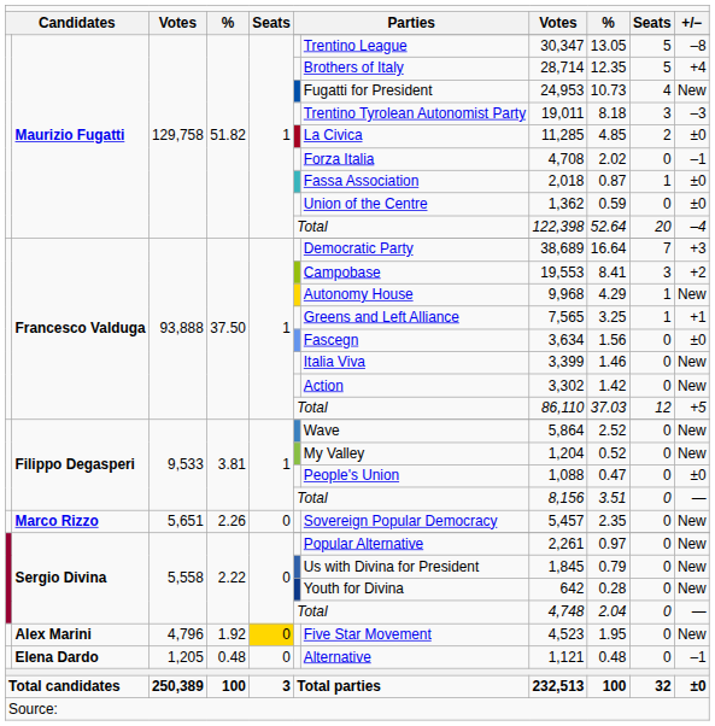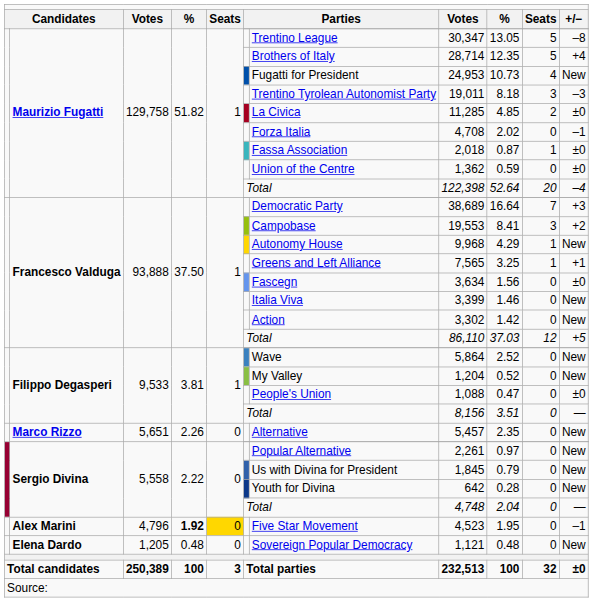 <table class="wikitable">
 <tr>
 <td colspan=11></td>
 </tr>
 <tr>
 <th colspan=2>Candidates</th>
 <th>Votes</th>
 <th>%</th>
 <th>Seats</th>
 <th colspan=2>Parties</th>
 <th>Votes</th>
 <th>%</th>
 <th>Seats</th>
 <th>+/−</th>
 </tr>
 <tr>
 <td rowspan=10></td>
 <td rowspan=10><strong><a href='#'>Maurizio Fugatti</a></strong></td>
 <td rowspan=10 align=right>129,758</td>
 <td rowspan=10 align=right>51.82</td>
 <td rowspan=10 align=right>1</td>
 </tr>
 <tr>
 <td></td>
 <td><a href='#'>Trentino League</a></td>
 <td align=right>30,347</td>
 <td align=right>13.05</td>
 <td align=right>5</td>
 <td align=right>–8</td>
 </tr>
 <tr>
 <td></td>
 <td><a href='#'>Brothers of Italy</a></td>
 <td align=right>28,714</td>
 <td align=right>12.35</td>
 <td align=right>5</td>
 <td align=right>+4</td>
 </tr>
 <tr>
 <td bgcolor="#0050AA"></td>
 <td>Fugatti for President</td>
 <td align=right>24,953</td>
 <td align=right>10.73</td>
 <td align=right>4</td>
 <td align=right>New</td>
 </tr>
 <tr>
 <td></td>
 <td><a href='#'>Trentino Tyrolean Autonomist Party</a></td>
 <td align=right>19,011</td>
 <td align=right>8.18</td>
 <td align=right>3</td>
 <td align=right>–3</td>
 </tr>
 <tr>
 <td bgcolor="#A50021"></td>
 <td style="text-align:left;"><a href='#'>La Civica</a></td>
 <td align=right>11,285</td>
 <td align=right>4.85</td>
 <td align=right>2</td>
 <td align=right>±0</td>
 </tr>
 <tr>
 <td></td>
 <td style="text-align:left;"><a href='#'>Forza Italia</a></td>
 <td align=right>4,708</td>
 <td align=right>2.02</td>
 <td align=right>0</td>
 <td align=right>–1</td>
 </tr>
 <tr>
 <td bgcolor="#39B5BD"></td>
 <td style="text-align:left;"><a href='#'>Fassa Association</a></td>
 <td align=right>2,018</td>
 <td align=right>0.87</td>
 <td align=right>1</td>
 <td align=right>±0</td>
 </tr>
 <tr>
 <td></td>
 <td style="text-align:left;"><a href='#'>Union of the Centre</a></td>
 <td align=right>1,362</td>
 <td align=right>0.59</td>
 <td align=right>0</td>
 <td align=right>±0</td>
 </tr>
 <tr>
 <td colspan=2><em>Total</em></td>
 <td align=right><em>122,398</em></td>
 <td align=right><em>52.64</em></td>
 <td align=right><em>20</em></td>
 <td align=right><em>–4</em></td>
 </tr>
 <tr>
 <td rowspan=9></td>
 <td rowspan=9><strong>Francesco Valduga</strong></td>
 <td rowspan=9 align=right>93,888</td>
 <td rowspan=9 align=right>37.50</td>
 <td rowspan=9 align=right>1</td>
 </tr>
 <tr>
 <td></td>
 <td><a href='#'>Democratic Party</a></td>
 <td align=right>38,689</td>
 <td align=right>16.64</td>
 <td align=right>7</td>
 <td align=right>+3</td>
 </tr>
 <tr>
 <td style="background-color:#96bf0d"></td>
 <td><a href='#'>Campobase</a></td>
 <td align=right>19,553</td>
 <td align=right>8.41</td>
 <td align=right>3</td>
 <td align=right>+2</td>
 </tr>
 <tr>
 <td style="background-color:gold"></td>
 <td><a href='#'>Autonomy House</a></td>
 <td align=right>9,968</td>
 <td align=right>4.29</td>
 <td align=right>1</td>
 <td align=right>New</td>
 </tr>
 <tr>
 <td style="background-color:"></td>
 <td><a href='#'>Greens and Left Alliance</a></td>
 <td align=right>7,565</td>
 <td align=right>3.25</td>
 <td align=right>1</td>
 <td align=right>+1</td>
 </tr>
 <tr>
 <td style="background-color:#6495ED"></td>
 <td><a href='#'>Fascegn</a></td>
 <td align=right>3,634</td>
 <td align=right>1.56</td>
 <td align=right>0</td>
 <td align=right>±0</td>
 </tr>
 <tr>
 <td style="background-color:"></td>
 <td><a href='#'>Italia Viva</a></td>
 <td align=right>3,399</td>
 <td align=right>1.46</td>
 <td align=right>0</td>
 <td align=right>New</td>
 </tr>
 <tr>
 <td style="background-color:"></td>
 <td><a href='#'>Action</a></td>
 <td align=right>3,302</td>
 <td align=right>1.42</td>
 <td align=right>0</td>
 <td align=right>New</td>
 </tr>
 <tr>
 <td colspan=2><em>Total</em></td>
 <td align=right><em>86,110</em></td>
 <td align=right><em>37.03</em></td>
 <td align=right><em>12</em></td>
 <td align=right><em>+5</em></td>
 </tr>
 <tr>
 <td rowspan=5></td>
 <td rowspan=5><strong>Filippo Degasperi</strong></td>
 <td rowspan=5 align=right>9,533</td>
 <td rowspan=5 align=right>3.81</td>
 <td rowspan=5 align=right>1</td>
 </tr>
 <tr>
 <td bgcolor=#3b81bf></td>
 <td>Wave</td>
 <td align=right>5,864</td>
 <td align=right>2.52</td>
 <td align=right>0</td>
 <td align=right>New</td>
 </tr>
 <tr>
 <td bgcolor=#89bf44></td>
 <td>My Valley</td>
 <td align=right>1,204</td>
 <td align=right>0.52</td>
 <td align=right>0</td>
 <td align=right>New</td>
 </tr>
 <tr>
 <td></td>
 <td><a href='#'>People's Union</a></td>
 <td align=right>1,088</td>
 <td align=right>0.47</td>
 <td align=right>0</td>
 <td align=right>±0</td>
 </tr>
 <tr>
 <td colspan=2><em>Total</em></td>
 <td align=right><em>8,156</em></td>
 <td align=right><em>3.51</em></td>
 <td align=right><em>0</em></td>
 <td align=right>—</td>
 </tr>
 <tr>
 <td></td>
 <td><strong><a href='#'>Marco Rizzo</a></strong></td>
 <td align=right>5,651</td>
 <td align=right>2.26</td>
 <td align=right>0</td>
 <td></td>
-<td><a href='#'>Sovereign Popular Democracy</a></td>
+<td><a href='#'>Alternative</a></td>
 <td align=right>5,457</td>
 <td align=right>2.35</td>
 <td align=right>0</td>
 <td align=right>New</td>
 </tr>
 <tr>
 <td rowspan=5 bgcolor="#970033"></td>
 <td rowspan=5><strong>Sergio Divina</strong></td>
 <td rowspan=5 align=right>5,558</td>
 <td rowspan=5 align=right>2.22</td>
 <td rowspan=5 align=right>0</td>
 </tr>
 <tr>
 <td style="background-color:"></td>
 <td><a href='#'>Popular Alternative</a></td>
 <td align=right>2,261</td>
 <td align=right>0.97</td>
 <td align=right>0</td>
 <td align=right>New</td>
 </tr>
 <tr>
 <td bgcolor="#3061aa"></td>
 <td>Us with Divina for President</td>
 <td align=right>1,845</td>
 <td align=right>0.79</td>
 <td align=right>0</td>
 <td align=right>New</td>
 </tr>
 <tr>
 <td style="background-color:#0c3889"></td>
 <td>Youth for Divina</td>
 <td align=right>642</td>
 <td align=right>0.28</td>
 <td align=right>0</td>
 <td align=right>New</td>
 </tr>
 <tr>
 <td colspan=2><em>Total</em></td>
 <td align=right><em>4,748</em></td>
 <td align=right><em>2.04</em></td>
 <td align=right><em>0</em></td>
 <td align=right>—</td>
 </tr>
 <tr>
 <td></td>
 <td><strong>Alex Marini</strong></td>
 <td align=right>4,796</td>
-<td align=right>1.92</td>
+<td align=right><strong>1.92</strong></td>
 <td align=right style="background: gold;">0</td>
 <td></td>
 <td><a href='#'>Five Star Movement</a></td>
 <td align=right>4,523</td>
 <td align=right>1.95</td>
 <td align=right>0</td>
-<td align=right>New</td>
+<td align=right>–1</td>
 </tr>
 <tr>
 <td></td>
 <td><strong>Elena Dardo</strong></td>
 <td align=right>1,205</td>
 <td align=right>0.48</td>
 <td align=right>0</td>
 <td></td>
-<td><a href='#'>Alternative</a></td>
+<td><a href='#'>Sovereign Popular Democracy</a></td>
 <td align=right>1,121</td>
 <td align=right>0.48</td>
 <td align=right>0</td>
-<td align=right>–1</td>
+<td align=right>New</td>
 </tr>
 <tr>
 <th colspan=11></th>
 </tr>
 <tr>
 <td colspan=2><strong>Total candidates</strong></td>
 <td align=right><strong>250,389</strong></td>
 <td align=right><strong>100</strong></td>
 <td align=right><strong>3</strong></td>
 <td colspan=2><strong>Total parties</strong></td>
 <td align=right><strong>232,513</strong></td>
 <td align=right><strong>100</strong></td>
 <td align=right><strong>32</strong></td>
 <td align=right><strong>±0</strong></td>
 </tr>
 <tr>
 <td colspan=11>Source: </td>
 </tr>
 </table>
